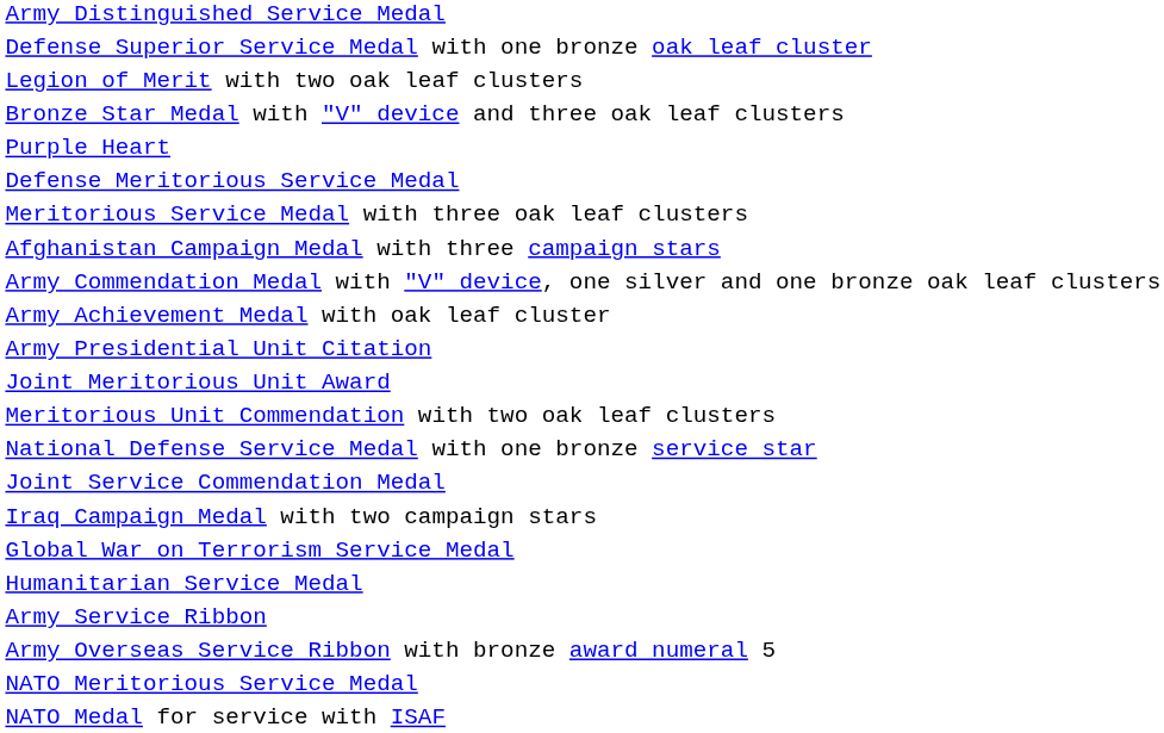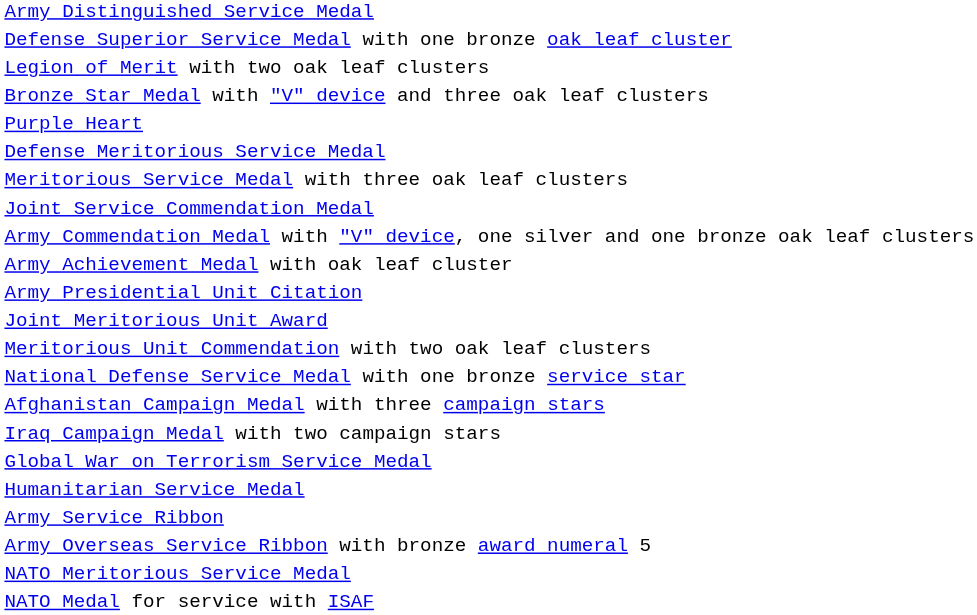 <table>
 <tr>
 <td> <a href='#'>Army Distinguished Service Medal</a></td>
 </tr>
 <tr>
 <td> <a href='#'>Defense Superior Service Medal</a> with one bronze <a href='#'>oak leaf cluster</a></td>
 </tr>
 <tr>
 <td><span></span><span></span> <a href='#'>Legion of Merit</a> with two oak leaf clusters</td>
 </tr>
 <tr>
 <td><span></span><span></span><span></span><span></span> <a href='#'>Bronze Star Medal</a> with <a href='#'>"V" device</a> and three oak leaf clusters</td>
 </tr>
 <tr>
 <td> <a href='#'>Purple Heart</a></td>
 </tr>
 <tr>
 <td> <a href='#'>Defense Meritorious Service Medal</a></td>
 </tr>
 <tr>
 <td><span></span><span></span><span></span> <a href='#'>Meritorious Service Medal</a> with three oak leaf clusters</td>
 </tr>
 <tr>
-<td><span></span><span></span><span></span> <a href='#'>Afghanistan Campaign Medal</a> with three <a href='#'>campaign stars</a></td>
+<td> <a href='#'>Joint Service Commendation Medal</a></td>
 </tr>
 <tr>
 <td><span></span><span></span><span></span> <a href='#'>Army Commendation Medal</a> with <a href='#'>"V" device</a>, one silver and one bronze oak leaf clusters</td>
 </tr>
 <tr>
 <td> <a href='#'>Army Achievement Medal</a> with oak leaf cluster</td>
 </tr>
 <tr>
 <td> <a href='#'>Army Presidential Unit Citation</a></td>
 </tr>
 <tr>
 <td> <a href='#'>Joint Meritorious Unit Award</a></td>
 </tr>
 <tr>
 <td><span></span><span></span> <a href='#'>Meritorious Unit Commendation</a> with two oak leaf clusters</td>
 </tr>
 <tr>
 <td> <a href='#'>National Defense Service Medal</a> with one bronze <a href='#'>service star</a></td>
 </tr>
 <tr>
-<td> <a href='#'>Joint Service Commendation Medal</a></td>
+<td><span></span><span></span><span></span> <a href='#'>Afghanistan Campaign Medal</a> with three <a href='#'>campaign stars</a></td>
 </tr>
 <tr>
 <td><span></span><span></span> <a href='#'>Iraq Campaign Medal</a> with two campaign stars</td>
 </tr>
 <tr>
 <td> <a href='#'>Global War on Terrorism Service Medal</a></td>
 </tr>
 <tr>
 <td> <a href='#'>Humanitarian Service Medal</a></td>
 </tr>
 <tr>
 <td> <a href='#'>Army Service Ribbon</a></td>
 </tr>
 <tr>
 <td><span></span> <a href='#'>Army Overseas Service Ribbon</a> with bronze <a href='#'>award numeral</a> 5</td>
 </tr>
 <tr>
 <td> <a href='#'>NATO Meritorious Service Medal</a></td>
 </tr>
 <tr>
 <td> <a href='#'>NATO Medal</a> for service with <a href='#'>ISAF</a></td>
 </tr>
 </table>
